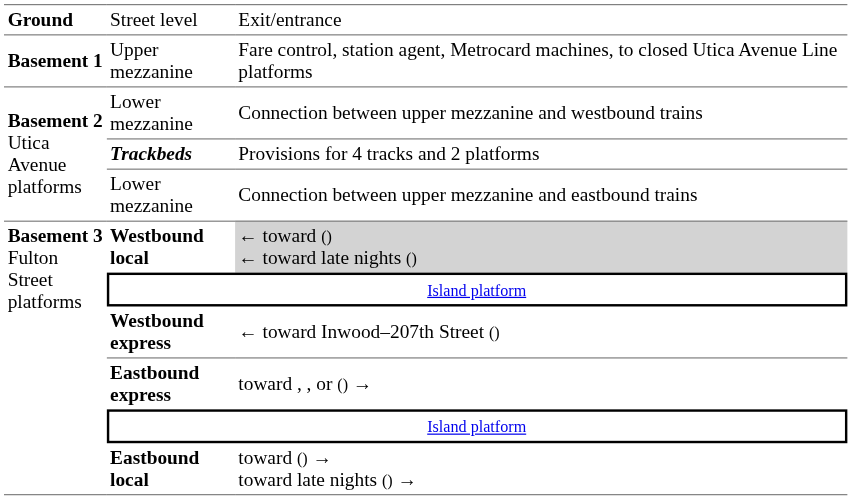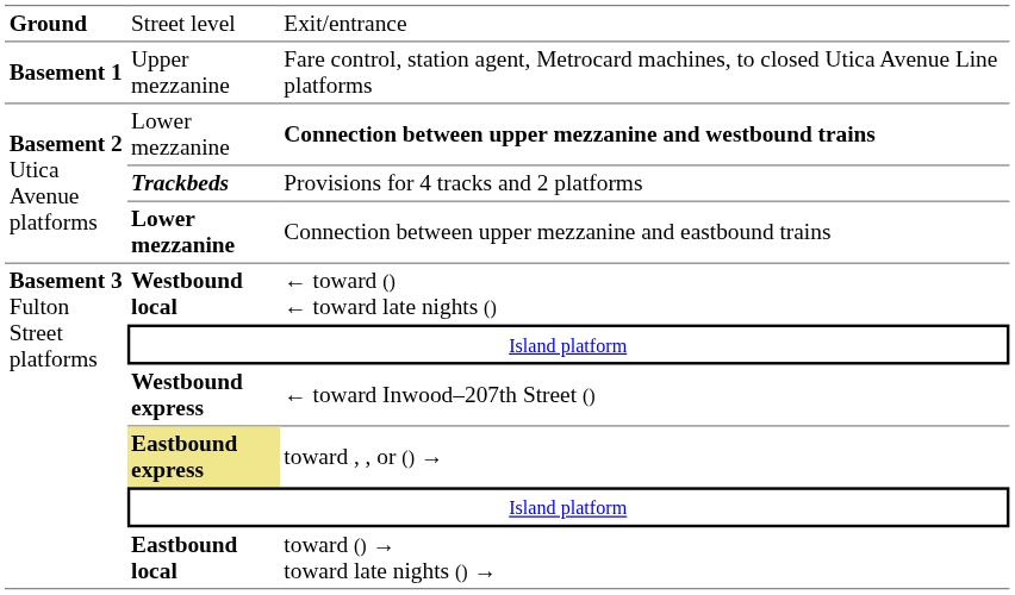 <table table border=0 cellspacing=0 cellpadding=3>
 <tr>
 <td style="border-top:solid 1px gray;" width=75><strong>Ground</strong></td>
 <td style="border-top:solid 1px gray;" width=100>Street level</td>
 <td style="border-top:solid 1px gray;" width=500>Exit/entrance</td>
 </tr>
 <tr>
 <td style="border-top:solid 1px gray;"><strong>Basement 1</strong></td>
 <td style="border-top:solid 1px gray;">Upper mezzanine</td>
 <td style="border-top:solid 1px gray;">Fare control, station agent, Metrocard machines, to closed Utica Avenue Line platforms <br></td>
 </tr>
 <tr>
 <td style="border-top:solid 1px gray;" rowspan=3><strong>Basement 2</strong><br>Utica Avenue platforms</td>
 <td style="border-top:solid 1px gray;">Lower mezzanine</td>
-<td style="border-top:solid 1px gray;">Connection between upper mezzanine and westbound trains</td>
+<td style="border-top:solid 1px gray;"><strong>Connection between upper mezzanine and westbound trains</strong></td>
 </tr>
 <tr>
 <td style="border-top:solid 1px gray;"><strong><em>Trackbeds</em></strong></td>
 <td style="border-top:solid 1px gray;">Provisions for 4 tracks and 2 platforms</td>
 </tr>
 <tr>
-<td style="border-top:solid 1px gray;">Lower mezzanine</td>
+<td style="border-top:solid 1px gray;"><strong>Lower mezzanine</strong></td>
 <td style="border-top:solid 1px gray;">Connection between upper mezzanine and eastbound trains</td>
 </tr>
 <tr>
 <td style="border-top:solid 1px gray;border-bottom:solid 1px gray;vertical-align:top;" rowspan=6><strong>Basement 3</strong><br>Fulton Street platforms</td>
 <td style="border-top:solid 1px gray;"><span><strong>Westbound local</strong></span></td>
-<td style="background: lightgrey; border-top:solid 1px gray;">←  toward  <small>()</small><br>←  toward  late nights <small>()</small></td>
+<td style="border-top:solid 1px gray;">←  toward  <small>()</small><br>←  toward  late nights <small>()</small></td>
 </tr>
 <tr>
 <td style="border-top:solid 2px black;border-right:solid 2px black;border-left:solid 2px black;border-bottom:solid 2px black;text-align:center;" colspan=2><small><a href='#'>Island platform</a> </small></td>
 </tr>
 <tr>
 <td style="border-bottom:solid 1px gray;"><span><strong>Westbound express</strong></span></td>
 <td style="border-bottom:solid 1px gray;">←  toward Inwood–207th Street <small>()</small></td>
 </tr>
 <tr>
-<td><span><strong>Eastbound express</strong></span></td>
+<td style="background: khaki;"><span><strong>Eastbound express</strong></span></td>
 <td>  toward , , or  <small>()</small> →</td>
 </tr>
 <tr>
 <td style="border-top:solid 2px black;border-right:solid 2px black;border-left:solid 2px black;border-bottom:solid 2px black;text-align:center;" colspan=2><small><a href='#'>Island platform</a> </small></td>
 </tr>
 <tr>
 <td style="border-bottom:solid 1px gray;"><span><strong>Eastbound local</strong></span></td>
 <td style="border-bottom:solid 1px gray;">  toward  <small>()</small> →<br>  toward  late nights <small>()</small> →</td>
 </tr>
 </table>
